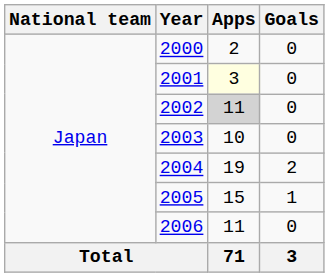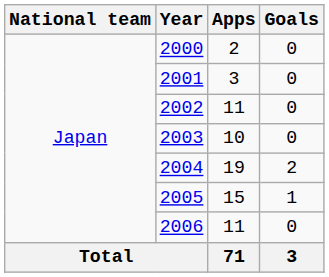 <table class="wikitable" style="text-align:center">
 <tr>
 <th>National team</th>
 <th>Year</th>
 <th>Apps</th>
 <th>Goals</th>
 </tr>
 <tr>
 <td rowspan="7"><a href='#'>Japan</a></td>
 <td><a href='#'>2000</a></td>
 <td>2</td>
 <td>0</td>
 </tr>
 <tr>
 <td><a href='#'>2001</a></td>
-<td style="background: lightyellow;">3</td>
+<td>3</td>
 <td>0</td>
 </tr>
 <tr>
 <td><a href='#'>2002</a></td>
-<td style="background: lightgrey;">11</td>
+<td>11</td>
 <td>0</td>
 </tr>
 <tr>
 <td><a href='#'>2003</a></td>
 <td>10</td>
 <td>0</td>
 </tr>
 <tr>
 <td><a href='#'>2004</a></td>
 <td>19</td>
 <td>2</td>
 </tr>
 <tr>
 <td><a href='#'>2005</a></td>
 <td>15</td>
 <td>1</td>
 </tr>
 <tr>
 <td><a href='#'>2006</a></td>
 <td>11</td>
 <td>0</td>
 </tr>
 <tr>
 <th colspan="2">Total</th>
 <th>71</th>
 <th>3</th>
 </tr>
 </table>
